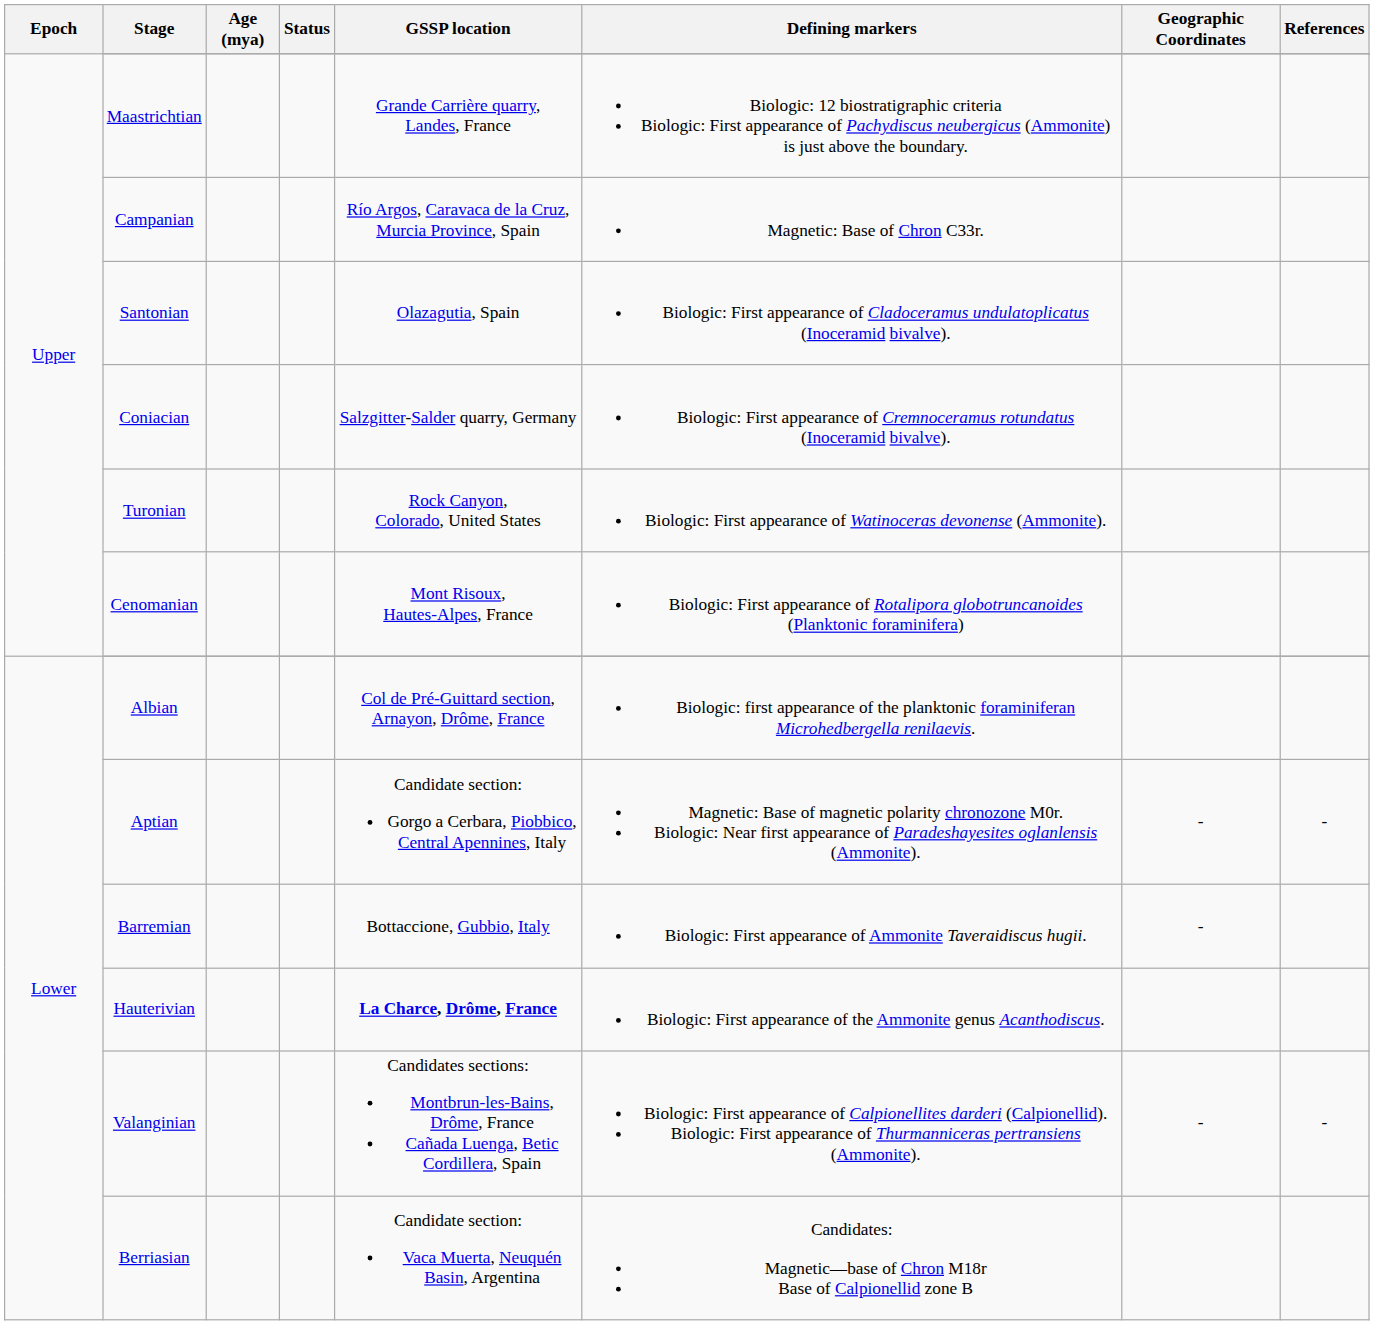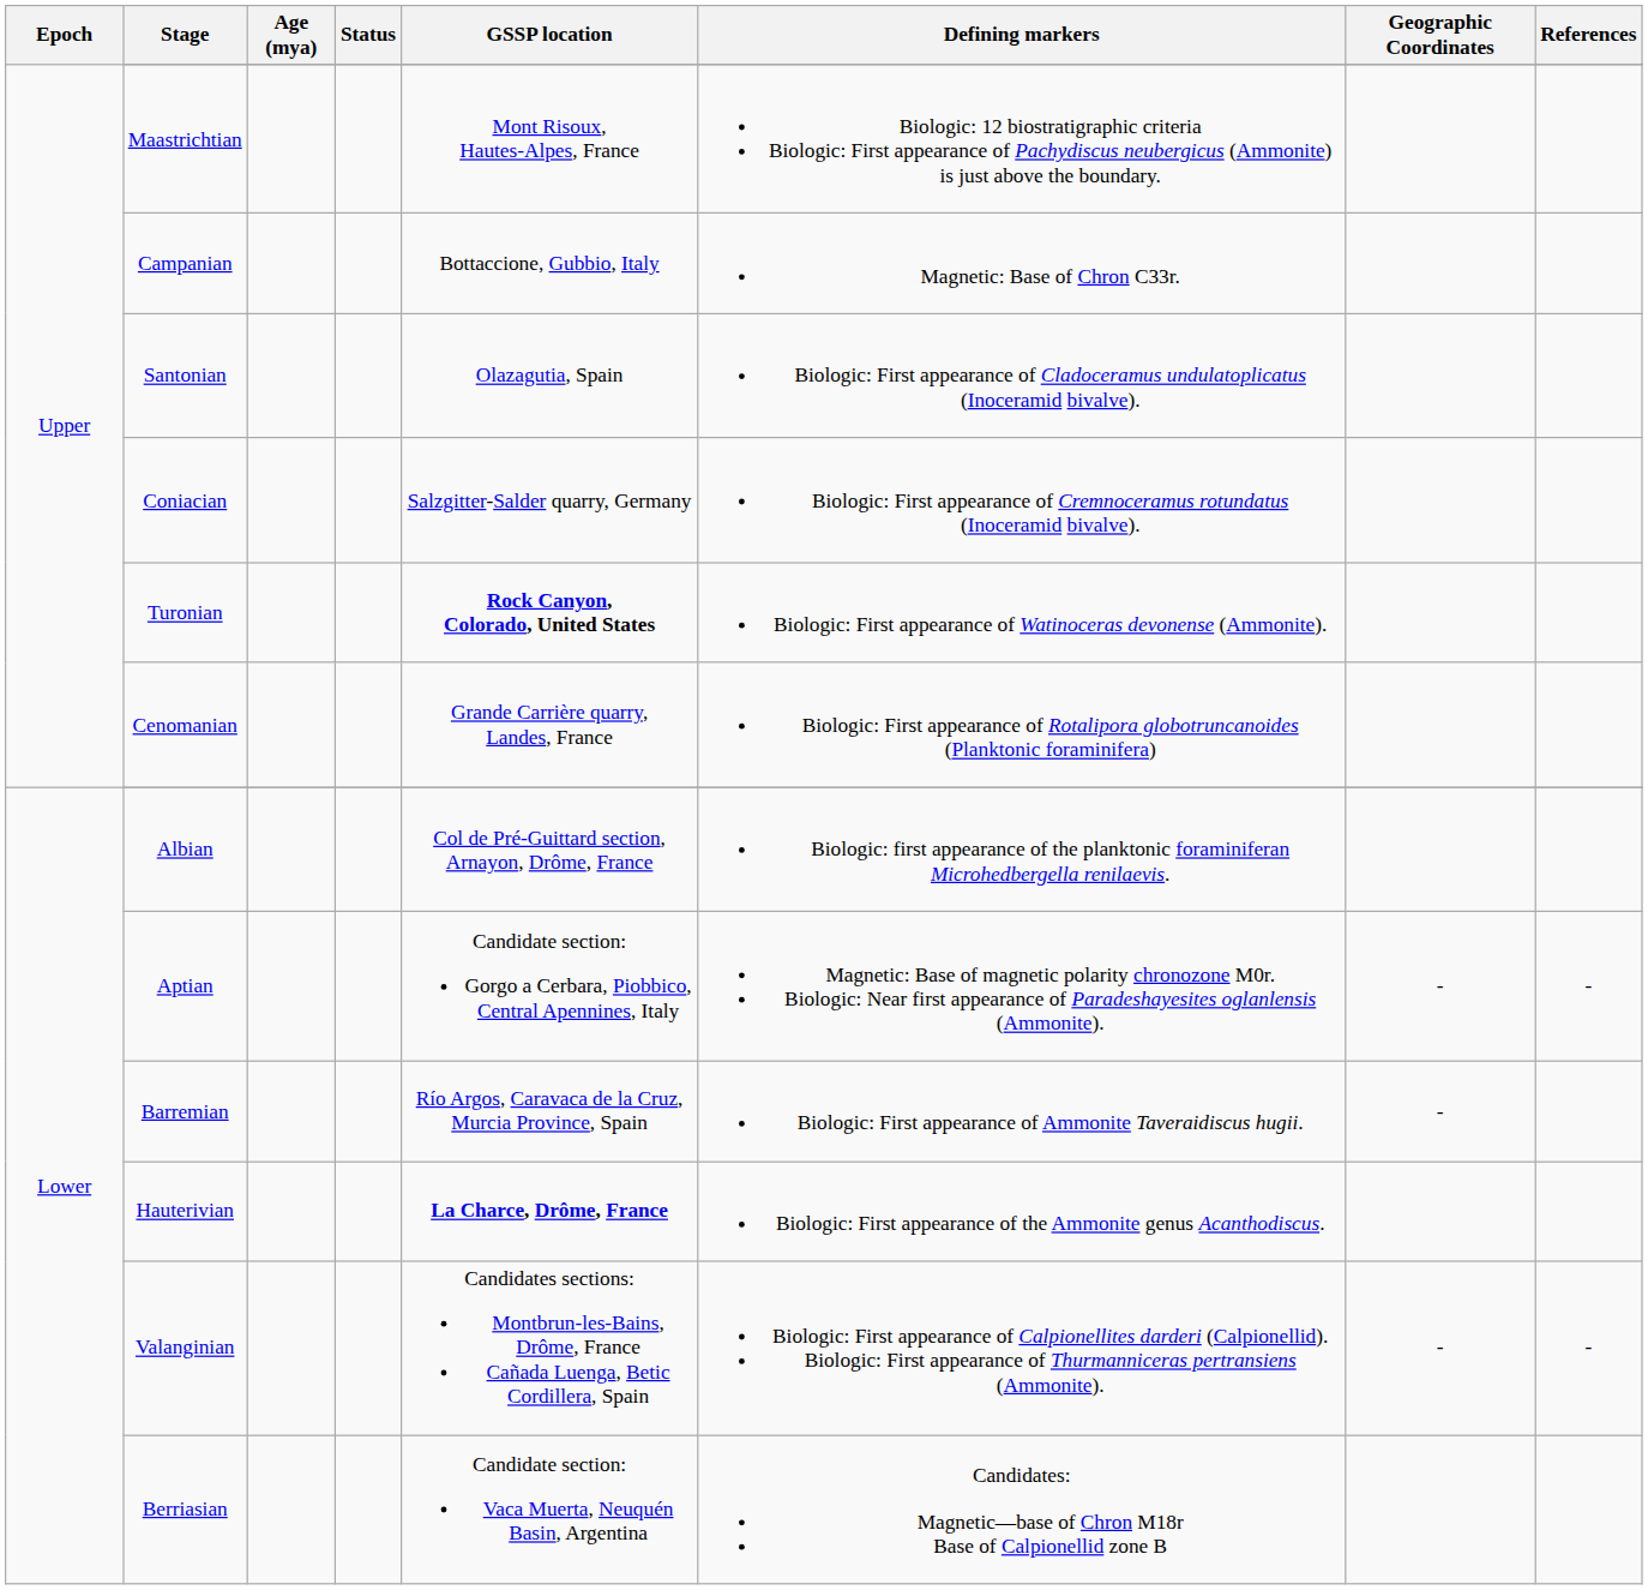 <table class="wikitable"  style="font-size:90%; width:90%; text-align:center;">
 <tr>
 <th style="width:75px;">Epoch</th>
 <th style="width:75px;">Stage</th>
 <th style="width:55px;">Age (mya)</th>
 <th style="width:15px;">Status</th>
 <th style="width:200px;">GSSP location</th>
 <th width="">Defining markers</th>
 <th width="">Geographic Coordinates</th>
 <th width="">References</th>
 </tr>
 <tr style="background:">
 <td rowspan="7"><a href='#'>Upper</a></td>
 </tr>
 <tr style="background:">
 <td><a href='#'>Maastrichtian</a></td>
 <td></td>
 <td></td>
-<td><a href='#'>Grande Carrière quarry</a>,<br><a href='#'>Landes</a>, France</td>
+<td><a href='#'>Mont Risoux</a>,<br><a href='#'>Hautes-Alpes</a>, France</td>
 <td><br><ul><li>Biologic: 12 biostratigraphic criteria</li><li>Biologic: First appearance of <em><a href='#'>Pachydiscus neubergicus</a></em> (<a href='#'>Ammonite</a>) is just above the boundary.</li></ul></td>
 <td></td>
 <td></td>
 </tr>
 <tr style="background:">
 <td><a href='#'>Campanian</a></td>
 <td></td>
 <td></td>
-<td><a href='#'>Río Argos</a>, <a href='#'>Caravaca de la Cruz</a>, <a href='#'>Murcia Province</a>, Spain</td>
+<td>Bottaccione, <a href='#'>Gubbio</a>, <a href='#'>Italy</a></td>
 <td><br><ul><li>Magnetic: Base of <a href='#'>Chron</a> C33r.</li></ul></td>
 <td></td>
 <td></td>
 </tr>
 <tr style="background:">
 <td><a href='#'>Santonian</a></td>
 <td></td>
 <td></td>
 <td><a href='#'>Olazagutia</a>, Spain</td>
 <td><br><ul><li>Biologic: First appearance of <em><a href='#'>Cladoceramus undulatoplicatus</a></em> (<a href='#'>Inoceramid</a> <a href='#'>bivalve</a>).</li></ul></td>
 <td></td>
 <td></td>
 </tr>
 <tr style="background:">
 <td><a href='#'>Coniacian</a></td>
 <td></td>
 <td></td>
 <td><a href='#'>Salzgitter</a>-<a href='#'>Salder</a> quarry, Germany</td>
 <td><br><ul><li>Biologic: First appearance of <em><a href='#'>Cremnoceramus rotundatus</a></em> (<a href='#'>Inoceramid</a> <a href='#'>bivalve</a>).</li></ul></td>
 <td></td>
 <td></td>
 </tr>
 <tr style="background:">
 <td><a href='#'>Turonian</a></td>
 <td></td>
 <td></td>
-<td><a href='#'>Rock Canyon</a>,<br><a href='#'>Colorado</a>, United States</td>
+<td><strong><a href='#'>Rock Canyon</a>,<br><a href='#'>Colorado</a>, United States</strong></td>
 <td><br><ul><li>Biologic: First appearance of <em><a href='#'>Watinoceras devonense</a></em> (<a href='#'>Ammonite</a>).</li></ul></td>
 <td></td>
 <td></td>
 </tr>
 <tr style="background:">
 <td><a href='#'>Cenomanian</a></td>
 <td></td>
 <td></td>
-<td><a href='#'>Mont Risoux</a>,<br><a href='#'>Hautes-Alpes</a>, France</td>
+<td><a href='#'>Grande Carrière quarry</a>,<br><a href='#'>Landes</a>, France</td>
 <td><br><ul><li>Biologic: First appearance of <em><a href='#'>Rotalipora globotruncanoides</a></em> (<a href='#'>Planktonic foraminifera</a>)</li></ul></td>
 <td></td>
 <td></td>
 </tr>
 <tr style="background:">
 <td rowspan="7"><a href='#'>Lower</a></td>
 </tr>
 <tr style="background:">
 <td><a href='#'>Albian</a></td>
 <td></td>
 <td></td>
 <td><a href='#'>Col de Pré-Guittard section</a>, <a href='#'>Arnayon</a>, <a href='#'>Drôme</a>, <a href='#'>France</a></td>
 <td><br><ul><li>Biologic: first appearance of the planktonic <a href='#'>foraminiferan</a> <em><a href='#'>Microhedbergella renilaevis</a></em>.</li></ul></td>
 <td></td>
 <td><br></td>
 </tr>
 <tr style="background:">
 <td><a href='#'>Aptian</a></td>
 <td></td>
 <td></td>
 <td>Candidate section:<br><ul><li>Gorgo a Cerbara, <a href='#'>Piobbico</a>, <a href='#'>Central Apennines</a>, Italy</li></ul></td>
 <td><br><ul><li>Magnetic: Base of magnetic polarity <a href='#'>chronozone</a> M0r.</li><li>Biologic: Near first appearance of <em><a href='#'>Paradeshayesites oglanlensis</a></em> (<a href='#'>Ammonite</a>).</li></ul></td>
 <td>-</td>
 <td>-</td>
 </tr>
 <tr style="background:">
 <td><a href='#'>Barremian</a></td>
 <td></td>
 <td></td>
-<td>Bottaccione, <a href='#'>Gubbio</a>, <a href='#'>Italy</a></td>
+<td><a href='#'>Río Argos</a>, <a href='#'>Caravaca de la Cruz</a>, <a href='#'>Murcia Province</a>, Spain</td>
 <td><br><ul><li>Biologic: First appearance of <a href='#'>Ammonite</a> <em>Taveraidiscus hugii</em>.</li></ul></td>
 <td>-</td>
 <td></td>
 </tr>
 <tr style="background:">
 <td><a href='#'>Hauterivian</a></td>
 <td></td>
 <td></td>
 <td><strong><a href='#'>La Charce</a>, <a href='#'>Drôme</a>, <a href='#'>France</a></strong></td>
 <td><br><ul><li>Biologic: First appearance of the <a href='#'>Ammonite</a> genus <em><a href='#'>Acanthodiscus</a></em>.</li></ul></td>
 <td></td>
 <td></td>
 </tr>
 <tr style="background:">
 <td><a href='#'>Valanginian</a></td>
 <td></td>
 <td></td>
 <td>Candidates sections:<br><ul><li><a href='#'>Montbrun-les-Bains</a>, <a href='#'>Drôme</a>, France</li><li><a href='#'>Cañada Luenga</a>, <a href='#'>Betic Cordillera</a>, Spain</li></ul></td>
 <td><br><ul><li>Biologic: First appearance of <em><a href='#'>Calpionellites darderi</a></em> (<a href='#'>Calpionellid</a>).</li><li>Biologic: First appearance of <em><a href='#'>Thurmanniceras pertransiens</a></em> (<a href='#'>Ammonite</a>).</li></ul></td>
 <td>-</td>
 <td>-</td>
 </tr>
 <tr style="background:">
 <td><a href='#'>Berriasian</a></td>
 <td></td>
 <td></td>
 <td>Candidate section:<br><ul><li><a href='#'>Vaca Muerta</a>, <a href='#'>Neuquén Basin</a>, Argentina</li></ul></td>
 <td><br>Candidates:<ul><li>Magnetic—base of <a href='#'>Chron</a> M18r</li><li>Base of <a href='#'>Calpionellid</a> zone B</li></ul></td>
 <td></td>
 <td></td>
 </tr>
 </table>
